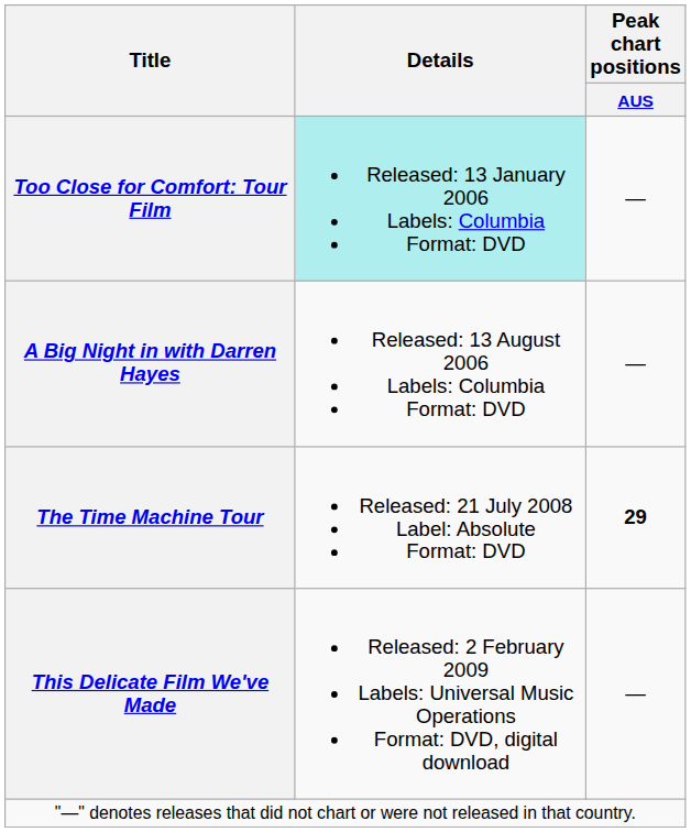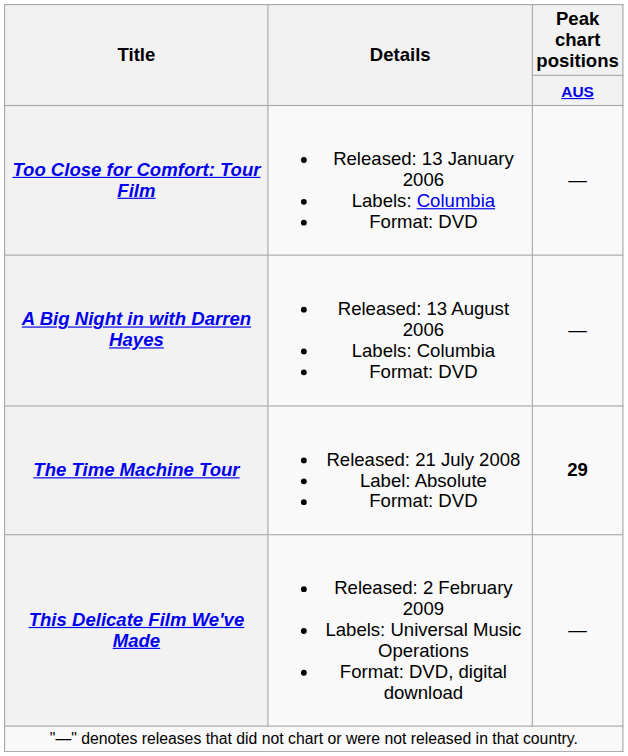 <table class="wikitable plainrowheaders" style="text-align:center;" border="1">
 <tr>
 <th rowspan="2" width=220>Title</th>
 <th rowspan="2" width=220>Details</th>
 <th colspan="1">Peak chart positions</th>
 </tr>
 <tr>
 <th width=30><small><a href='#'>AUS</a><br></small></th>
 </tr>
 <tr>
 <th scope="row"><em><a href='#'>Too Close for Comfort: Tour Film</a></em></th>
-<td style="background: paleturquoise;"><br><ul><li>Released: 13 January 2006</li><li>Labels: <a href='#'>Columbia</a></li><li>Format: DVD</li></ul></td>
+<td><br><ul><li>Released: 13 January 2006</li><li>Labels: <a href='#'>Columbia</a></li><li>Format: DVD</li></ul></td>
 <td align="center">—</td>
 </tr>
 <tr>
 <th scope="row"><em><a href='#'>A Big Night in with Darren Hayes</a></em></th>
 <td><br><ul><li>Released: 13 August 2006</li><li>Labels: Columbia</li><li>Format: DVD</li></ul></td>
 <td align="center">—</td>
 </tr>
 <tr>
 <th scope="row"><em><a href='#'>The Time Machine Tour</a></em></th>
 <td><br><ul><li>Released: 21 July 2008</li><li>Label: Absolute</li><li>Format: DVD</li></ul></td>
 <td align="center"><strong>29</strong></td>
 </tr>
 <tr>
 <th scope="row"><em><a href='#'>This Delicate Film We've Made</a></em></th>
 <td><br><ul><li>Released: 2 February 2009</li><li>Labels: Universal Music Operations</li><li>Format: DVD, digital download</li></ul></td>
 <td align="center">—</td>
 </tr>
 <tr>
 <td align="center" colspan="8" style="font-size: 85%">"—" denotes releases that did not chart or were not released in that country.</td>
 </tr>
 </table>
